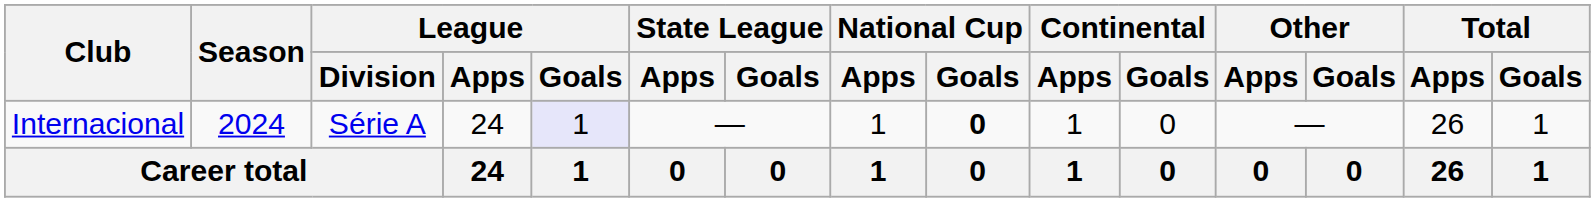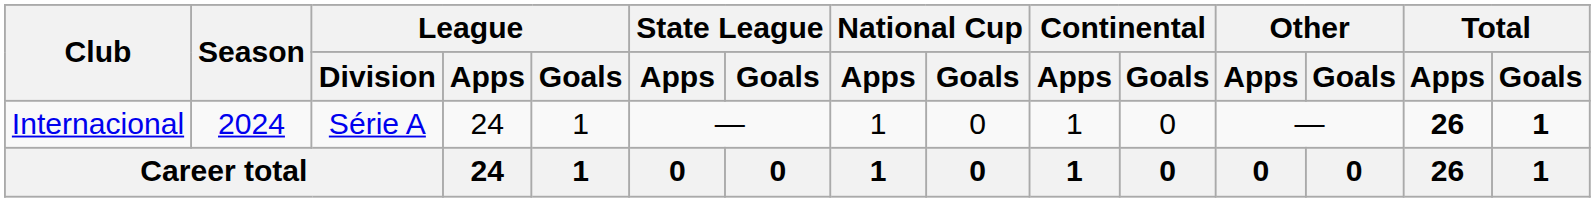 <table class="wikitable" style="text-align:center">
 <tr>
 <th rowspan="2">Club</th>
 <th rowspan="2">Season</th>
 <th colspan="3">League</th>
 <th colspan="2">State League</th>
 <th colspan="2">National Cup</th>
 <th colspan="2">Continental</th>
 <th colspan="2">Other</th>
 <th colspan="2">Total</th>
 </tr>
 <tr>
 <th>Division</th>
 <th>Apps</th>
 <th>Goals</th>
 <th>Apps</th>
 <th>Goals</th>
 <th>Apps</th>
 <th>Goals</th>
 <th>Apps</th>
 <th>Goals</th>
 <th>Apps</th>
 <th>Goals</th>
 <th>Apps</th>
 <th>Goals</th>
 </tr>
 <tr>
 <td><a href='#'>Internacional</a></td>
 <td><a href='#'>2024</a></td>
 <td><a href='#'>Série A</a></td>
 <td>24</td>
-<td style="background: lavender;">1</td>
+<td>1</td>
 <td colspan="2">—</td>
 <td>1</td>
-<td><strong>0</strong></td>
+<td>0</td>
 <td>1</td>
 <td>0</td>
 <td colspan="2">—</td>
-<td>26</td>
-<td>1</td>
+<td><strong>26</strong></td>
+<td><strong>1</strong></td>
 </tr>
 <tr>
 <th colspan="3">Career total</th>
 <th>24</th>
 <th>1</th>
 <th>0</th>
 <th>0</th>
 <th>1</th>
 <th>0</th>
 <th>1</th>
 <th>0</th>
 <th>0</th>
 <th>0</th>
 <th>26</th>
 <th>1</th>
 </tr>
 </table>
